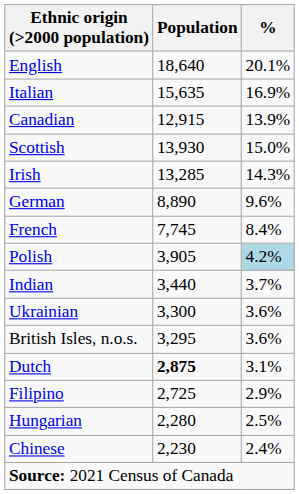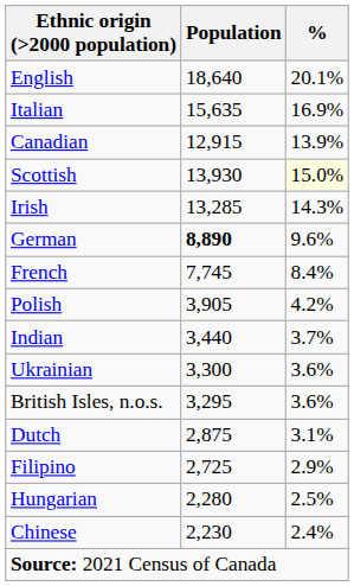 <table class="wikitable" style="float:right;margin:0 0 0.2em 0.5em;">
 <tr>
 <th>Ethnic origin<br>(>2000 population)</th>
 <th>Population</th>
 <th>%</th>
 </tr>
 <tr>
 <td><a href='#'>English</a></td>
 <td>18,640</td>
 <td>20.1%</td>
 </tr>
 <tr>
 <td><a href='#'>Italian</a></td>
 <td>15,635</td>
 <td>16.9%</td>
 </tr>
 <tr>
 <td><a href='#'>Canadian</a></td>
 <td>12,915</td>
 <td>13.9%</td>
 </tr>
 <tr>
 <td><a href='#'>Scottish</a></td>
 <td>13,930</td>
-<td>15.0%</td>
+<td style="background: lightyellow;">15.0%</td>
 </tr>
 <tr>
 <td><a href='#'>Irish</a></td>
 <td>13,285</td>
 <td>14.3%</td>
 </tr>
 <tr>
 <td><a href='#'>German</a></td>
-<td>8,890</td>
+<td><strong>8,890</strong></td>
 <td>9.6%</td>
 </tr>
 <tr>
 <td><a href='#'>French</a></td>
 <td>7,745</td>
 <td>8.4%</td>
 </tr>
 <tr>
 <td><a href='#'>Polish</a></td>
 <td>3,905</td>
-<td style="background: lightblue;">4.2%</td>
+<td>4.2%</td>
 </tr>
 <tr>
 <td><a href='#'>Indian</a></td>
 <td>3,440</td>
 <td>3.7%</td>
 </tr>
 <tr>
 <td><a href='#'>Ukrainian</a></td>
 <td>3,300</td>
 <td>3.6%</td>
 </tr>
 <tr>
 <td>British Isles, n.o.s.</td>
 <td>3,295</td>
 <td>3.6%</td>
 </tr>
 <tr>
 <td><a href='#'>Dutch</a></td>
-<td><strong>2,875</strong></td>
+<td>2,875</td>
 <td>3.1%</td>
 </tr>
 <tr>
 <td><a href='#'>Filipino</a></td>
 <td>2,725</td>
 <td>2.9%</td>
 </tr>
 <tr>
 <td><a href='#'>Hungarian</a></td>
 <td>2,280</td>
 <td>2.5%</td>
 </tr>
 <tr>
 <td><a href='#'>Chinese</a></td>
 <td>2,230</td>
 <td>2.4%</td>
 </tr>
 <tr>
 <td colspan="4"><strong>Source:</strong> 2021 Census of Canada</td>
 </tr>
 </table>
